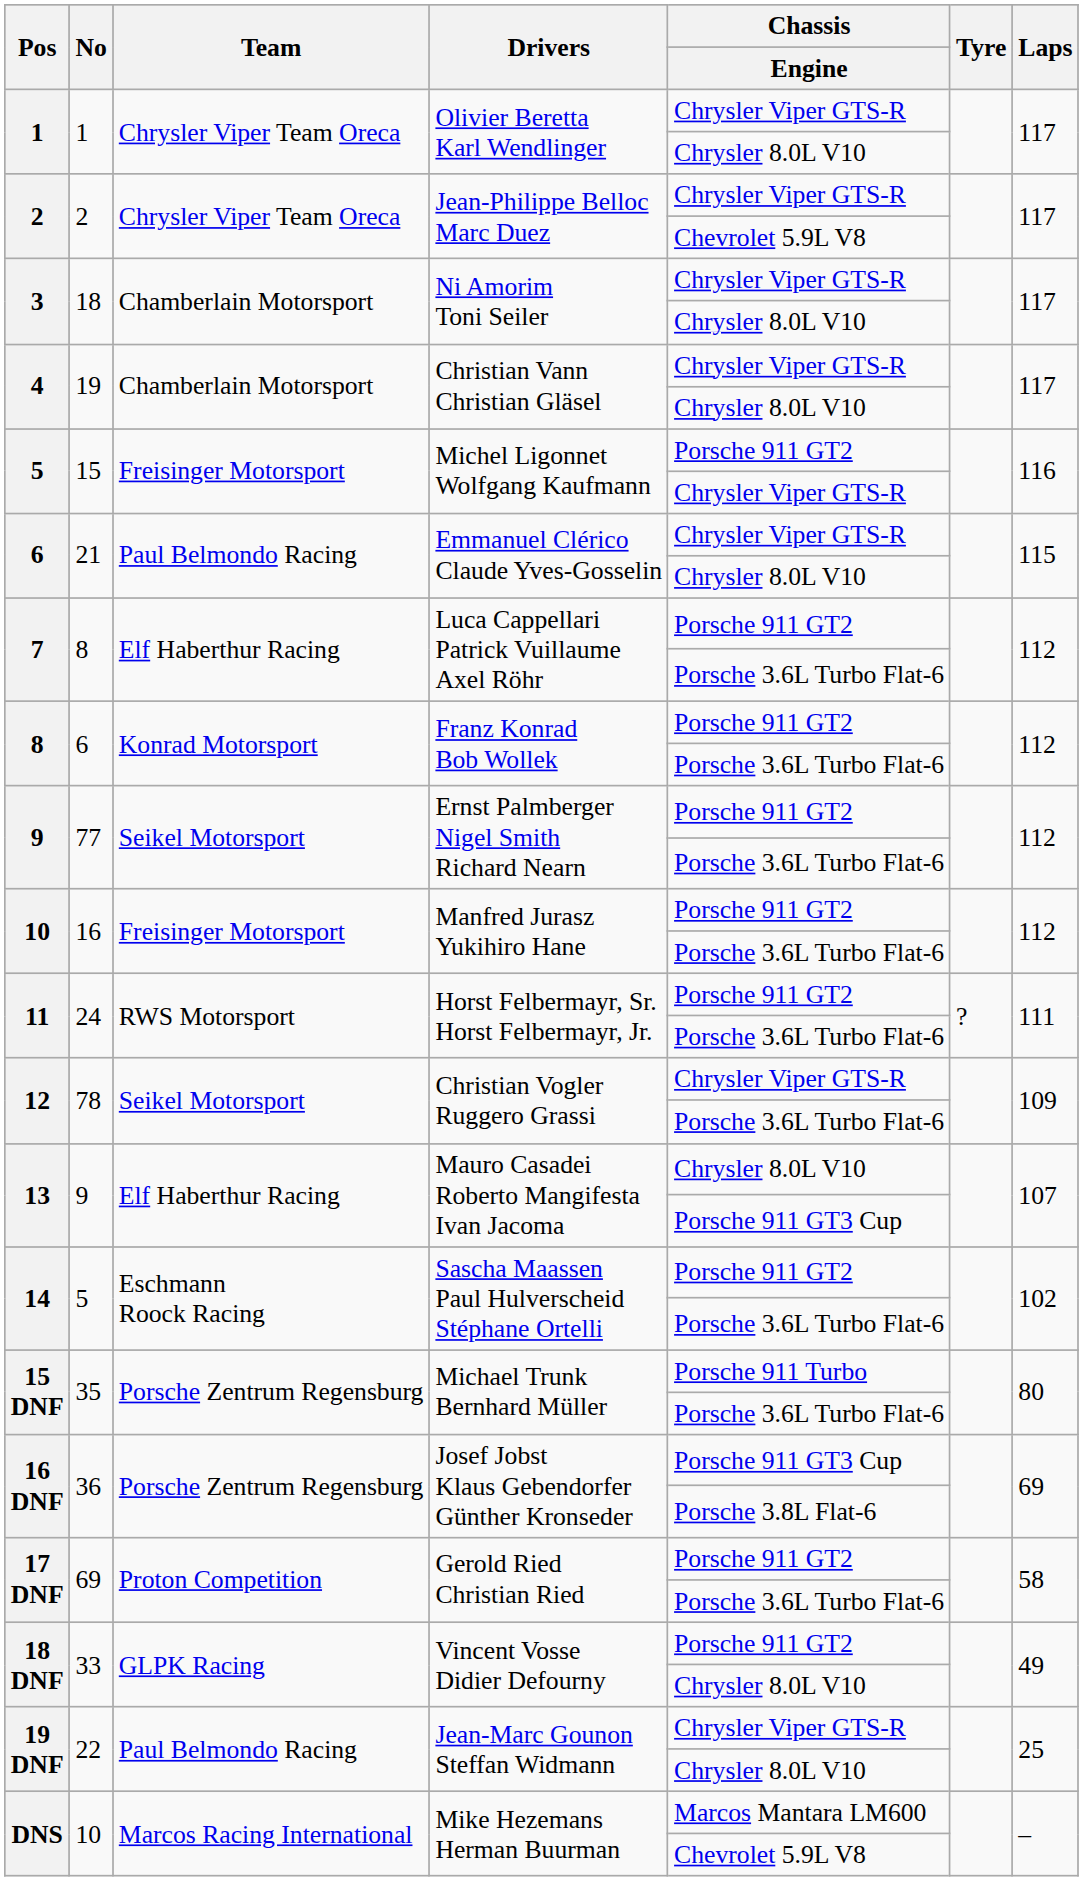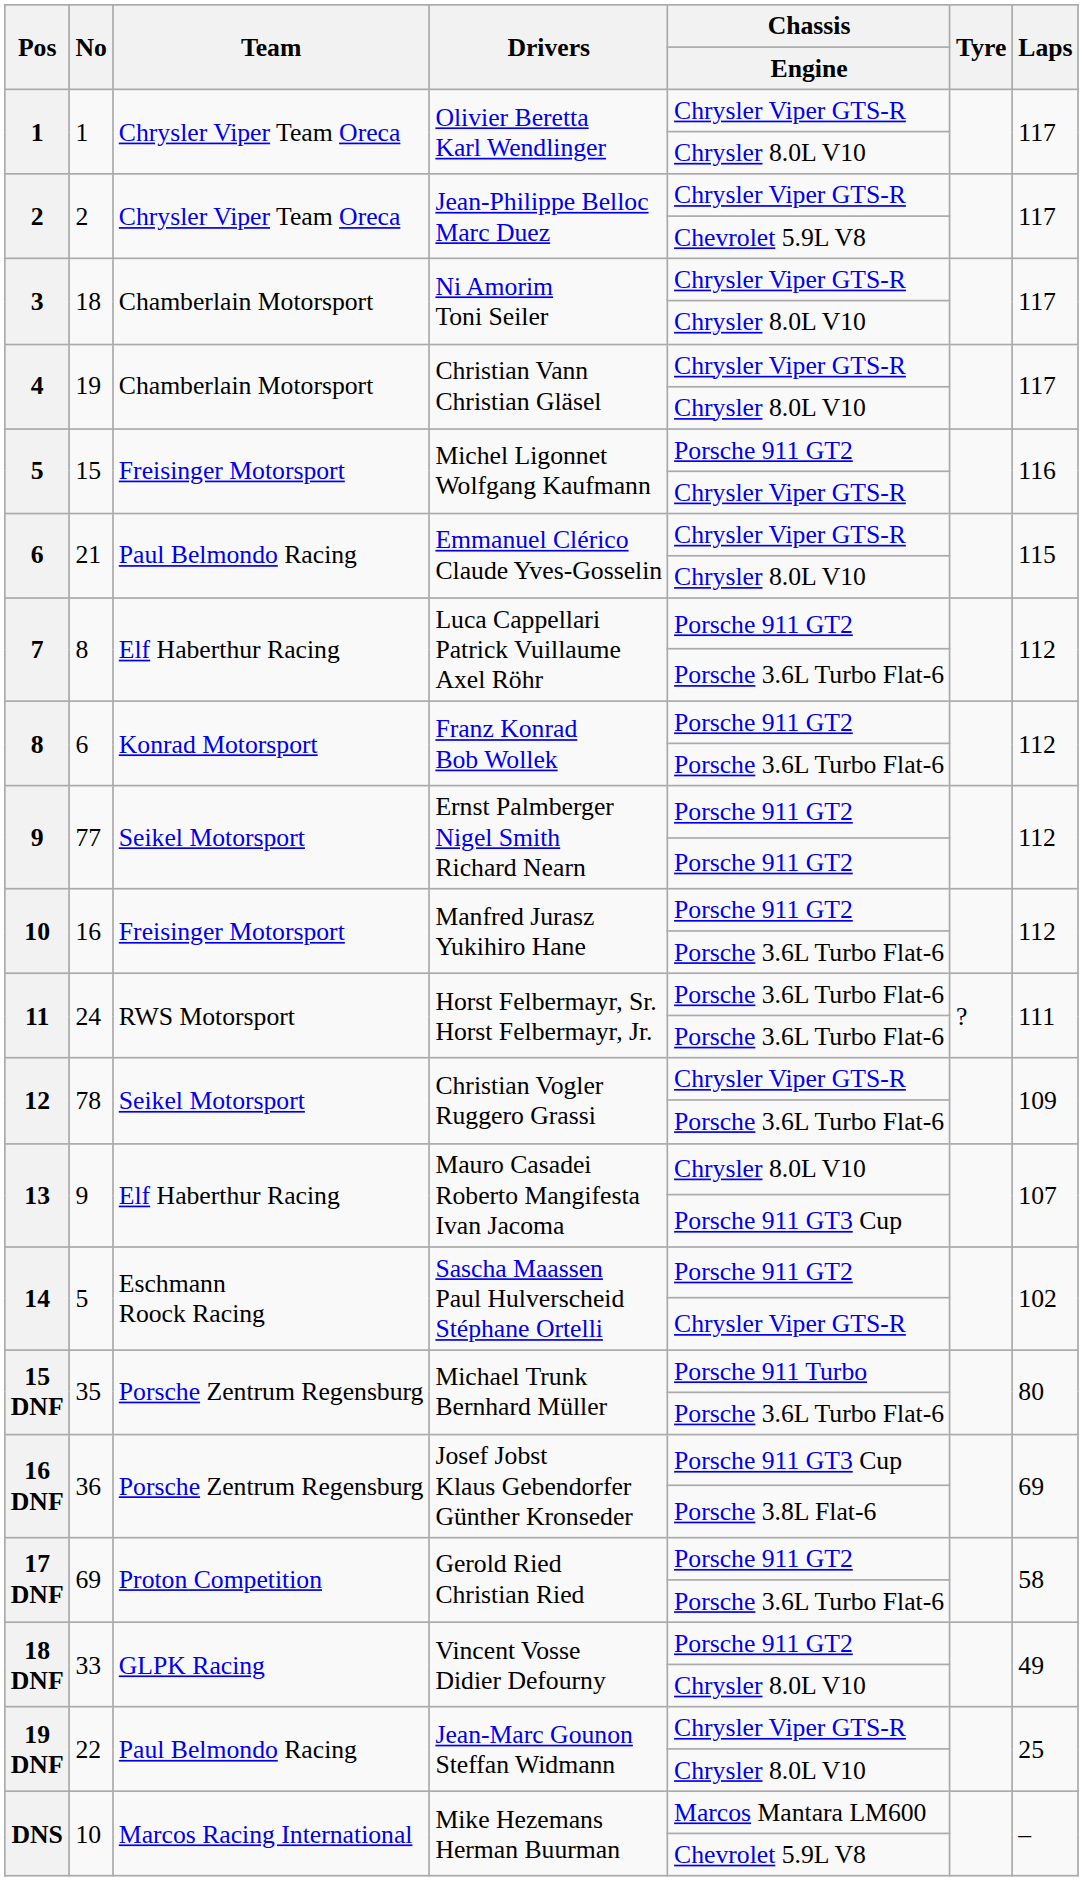 <table class="wikitable" style="font-size: 95%;">
 <tr>
 <th rowspan=2>Pos</th>
 <th rowspan=2>No</th>
 <th rowspan=2>Team</th>
 <th rowspan=2>Drivers</th>
 <th>Chassis</th>
 <th rowspan=2>Tyre</th>
 <th rowspan=2>Laps</th>
 </tr>
 <tr>
 <th>Engine</th>
 </tr>
 <tr>
 <th rowspan=2>1</th>
 <td rowspan=2>1</td>
 <td rowspan=2> <a href='#'>Chrysler Viper</a> Team <a href='#'>Oreca</a></td>
 <td rowspan=2> <a href='#'>Olivier Beretta</a><br> <a href='#'>Karl Wendlinger</a></td>
 <td><a href='#'>Chrysler Viper GTS-R</a></td>
 <td rowspan=2></td>
 <td rowspan=2>117</td>
 </tr>
 <tr>
 <td><a href='#'>Chrysler</a> 8.0L V10</td>
 </tr>
 <tr>
 <th rowspan=2>2</th>
 <td rowspan=2>2</td>
 <td rowspan=2> <a href='#'>Chrysler Viper</a> Team <a href='#'>Oreca</a></td>
 <td rowspan=2> <a href='#'>Jean-Philippe Belloc</a><br> <a href='#'>Marc Duez</a></td>
 <td><a href='#'>Chrysler Viper GTS-R</a></td>
 <td rowspan=2></td>
 <td rowspan=2>117</td>
 </tr>
 <tr>
 <td><a href='#'>Chevrolet</a> 5.9L V8</td>
 </tr>
 <tr>
 <th rowspan=2>3</th>
 <td rowspan=2>18</td>
 <td rowspan=2> Chamberlain Motorsport</td>
 <td rowspan=2> <a href='#'>Ni Amorim</a><br> Toni Seiler</td>
 <td><a href='#'>Chrysler Viper GTS-R</a></td>
 <td rowspan=2></td>
 <td rowspan=2>117</td>
 </tr>
 <tr>
 <td><a href='#'>Chrysler</a> 8.0L V10</td>
 </tr>
 <tr>
 <th rowspan=2>4</th>
 <td rowspan=2>19</td>
 <td rowspan=2> Chamberlain Motorsport</td>
 <td rowspan=2> Christian Vann<br> Christian Gläsel</td>
 <td><a href='#'>Chrysler Viper GTS-R</a></td>
 <td rowspan=2></td>
 <td rowspan=2>117</td>
 </tr>
 <tr>
 <td><a href='#'>Chrysler</a> 8.0L V10</td>
 </tr>
 <tr>
 <th rowspan=2>5</th>
 <td rowspan=2>15</td>
 <td rowspan=2> <a href='#'>Freisinger Motorsport</a></td>
 <td rowspan=2> Michel Ligonnet<br> Wolfgang Kaufmann</td>
 <td><a href='#'>Porsche 911 GT2</a></td>
 <td rowspan=2></td>
 <td rowspan=2>116</td>
 </tr>
 <tr>
 <td><a href='#'>Chrysler Viper GTS-R</a></td>
 </tr>
 <tr>
 <th rowspan=2>6</th>
 <td rowspan=2>21</td>
 <td rowspan=2> <a href='#'>Paul Belmondo</a> Racing</td>
 <td rowspan=2> <a href='#'>Emmanuel Clérico</a><br> Claude Yves-Gosselin</td>
 <td><a href='#'>Chrysler Viper GTS-R</a></td>
 <td rowspan=2></td>
 <td rowspan=2>115</td>
 </tr>
 <tr>
 <td><a href='#'>Chrysler</a> 8.0L V10</td>
 </tr>
 <tr>
 <th rowspan=2>7</th>
 <td rowspan=2>8</td>
 <td rowspan=2> <a href='#'>Elf</a> Haberthur Racing</td>
 <td rowspan=2> Luca Cappellari<br> Patrick Vuillaume<br> Axel Röhr</td>
 <td><a href='#'>Porsche 911 GT2</a></td>
 <td rowspan=2></td>
 <td rowspan=2>112</td>
 </tr>
 <tr>
 <td><a href='#'>Porsche</a> 3.6L Turbo Flat-6</td>
 </tr>
 <tr>
 <th rowspan=2>8</th>
 <td rowspan=2>6</td>
 <td rowspan=2> <a href='#'>Konrad Motorsport</a></td>
 <td rowspan=2> <a href='#'>Franz Konrad</a><br> <a href='#'>Bob Wollek</a></td>
 <td><a href='#'>Porsche 911 GT2</a></td>
 <td rowspan=2></td>
 <td rowspan=2>112</td>
 </tr>
 <tr>
 <td><a href='#'>Porsche</a> 3.6L Turbo Flat-6</td>
 </tr>
 <tr>
 <th rowspan=2>9</th>
 <td rowspan=2>77</td>
 <td rowspan=2> <a href='#'>Seikel Motorsport</a></td>
 <td rowspan=2> Ernst Palmberger<br> <a href='#'>Nigel Smith</a><br> Richard Nearn</td>
 <td><a href='#'>Porsche 911 GT2</a></td>
 <td rowspan=2></td>
 <td rowspan=2>112</td>
 </tr>
 <tr>
-<td><a href='#'>Porsche</a> 3.6L Turbo Flat-6</td>
+<td><a href='#'>Porsche 911 GT2</a></td>
 </tr>
 <tr>
 <th rowspan=2>10</th>
 <td rowspan=2>16</td>
 <td rowspan=2> <a href='#'>Freisinger Motorsport</a></td>
 <td rowspan=2> Manfred Jurasz<br> Yukihiro Hane</td>
 <td><a href='#'>Porsche 911 GT2</a></td>
 <td rowspan=2></td>
 <td rowspan=2>112</td>
 </tr>
 <tr>
 <td><a href='#'>Porsche</a> 3.6L Turbo Flat-6</td>
 </tr>
 <tr>
 <th rowspan=2>11</th>
 <td rowspan=2>24</td>
 <td rowspan=2> RWS Motorsport</td>
 <td rowspan=2> Horst Felbermayr, Sr.<br> Horst Felbermayr, Jr.</td>
-<td><a href='#'>Porsche 911 GT2</a></td>
+<td><a href='#'>Porsche</a> 3.6L Turbo Flat-6</td>
 <td rowspan=2>?</td>
 <td rowspan=2>111</td>
 </tr>
 <tr>
 <td><a href='#'>Porsche</a> 3.6L Turbo Flat-6</td>
 </tr>
 <tr>
 <th rowspan=2>12</th>
 <td rowspan=2>78</td>
 <td rowspan=2> <a href='#'>Seikel Motorsport</a></td>
 <td rowspan=2> Christian Vogler<br> Ruggero Grassi</td>
 <td><a href='#'>Chrysler Viper GTS-R</a></td>
 <td rowspan=2></td>
 <td rowspan=2>109</td>
 </tr>
 <tr>
 <td><a href='#'>Porsche</a> 3.6L Turbo Flat-6</td>
 </tr>
 <tr>
 <th rowspan=2>13</th>
 <td rowspan=2>9</td>
 <td rowspan=2> <a href='#'>Elf</a> Haberthur Racing</td>
 <td rowspan=2> Mauro Casadei<br> Roberto Mangifesta<br> Ivan Jacoma</td>
 <td><a href='#'>Chrysler</a> 8.0L V10</td>
 <td rowspan=2></td>
 <td rowspan=2>107</td>
 </tr>
 <tr>
 <td><a href='#'>Porsche 911 GT3</a> Cup</td>
 </tr>
 <tr>
 <th rowspan=2>14</th>
 <td rowspan=2>5</td>
 <td rowspan=2> Eschmann<br> Roock Racing</td>
 <td rowspan=2> <a href='#'>Sascha Maassen</a><br> Paul Hulverscheid<br> <a href='#'>Stéphane Ortelli</a></td>
 <td><a href='#'>Porsche 911 GT2</a></td>
 <td rowspan=2></td>
 <td rowspan=2>102</td>
 </tr>
 <tr>
-<td><a href='#'>Porsche</a> 3.6L Turbo Flat-6</td>
+<td><a href='#'>Chrysler Viper GTS-R</a></td>
 </tr>
 <tr>
 <th rowspan=2>15<br>DNF</th>
 <td rowspan=2>35</td>
 <td rowspan=2> <a href='#'>Porsche</a> Zentrum Regensburg</td>
 <td rowspan=2> Michael Trunk<br> Bernhard Müller</td>
 <td><a href='#'>Porsche 911 Turbo</a></td>
 <td rowspan=2></td>
 <td rowspan=2>80</td>
 </tr>
 <tr>
 <td><a href='#'>Porsche</a> 3.6L Turbo Flat-6</td>
 </tr>
 <tr>
 <th rowspan=2>16<br>DNF</th>
 <td rowspan=2>36</td>
 <td rowspan=2> <a href='#'>Porsche</a> Zentrum Regensburg</td>
 <td rowspan=2> Josef Jobst<br> Klaus Gebendorfer<br> Günther Kronseder</td>
 <td><a href='#'>Porsche 911 GT3</a> Cup</td>
 <td rowspan=2></td>
 <td rowspan=2>69</td>
 </tr>
 <tr>
 <td><a href='#'>Porsche</a> 3.8L Flat-6</td>
 </tr>
 <tr>
 <th rowspan=2>17<br>DNF</th>
 <td rowspan=2>69</td>
 <td rowspan=2> <a href='#'>Proton Competition</a></td>
 <td rowspan=2> Gerold Ried<br> Christian Ried</td>
 <td><a href='#'>Porsche 911 GT2</a></td>
 <td rowspan=2></td>
 <td rowspan=2>58</td>
 </tr>
 <tr>
 <td><a href='#'>Porsche</a> 3.6L Turbo Flat-6</td>
 </tr>
 <tr>
 <th rowspan=2>18<br>DNF</th>
 <td rowspan=2>33</td>
 <td rowspan=2> <a href='#'>GLPK Racing</a></td>
 <td rowspan=2> Vincent Vosse<br> Didier Defourny</td>
 <td><a href='#'>Porsche 911 GT2</a></td>
 <td rowspan=2></td>
 <td rowspan=2>49</td>
 </tr>
 <tr>
 <td><a href='#'>Chrysler</a> 8.0L V10</td>
 </tr>
 <tr>
 <th rowspan=2>19<br>DNF</th>
 <td rowspan=2>22</td>
 <td rowspan=2> <a href='#'>Paul Belmondo</a> Racing</td>
 <td rowspan=2> <a href='#'>Jean-Marc Gounon</a><br> Steffan Widmann</td>
 <td><a href='#'>Chrysler Viper GTS-R</a></td>
 <td rowspan=2></td>
 <td rowspan=2>25</td>
 </tr>
 <tr>
 <td><a href='#'>Chrysler</a> 8.0L V10</td>
 </tr>
 <tr>
 <th rowspan=2>DNS</th>
 <td rowspan=2>10</td>
 <td rowspan=2> <a href='#'>Marcos Racing International</a></td>
 <td rowspan=2> Mike Hezemans<br> Herman Buurman</td>
 <td><a href='#'>Marcos</a> Mantara LM600</td>
 <td rowspan=2></td>
 <td rowspan=2>–</td>
 </tr>
 <tr>
 <td><a href='#'>Chevrolet</a> 5.9L V8</td>
 </tr>
 </table>
